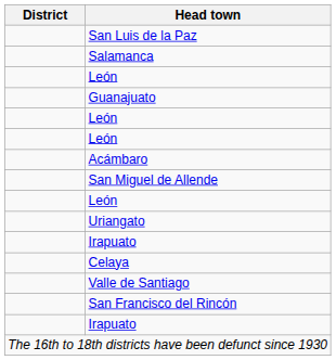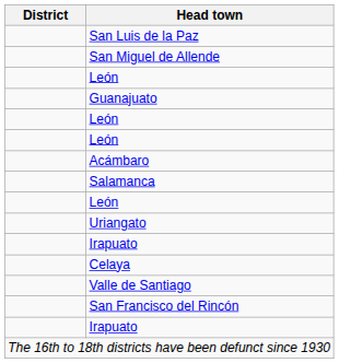 <table class="wikitable" border="1">
 <tr style="background:#efefef;">
 <th><strong>District</strong></th>
 <th><strong>Head town</strong></th>
 </tr>
 <tr>
 <td></td>
 <td><a href='#'>San Luis de la Paz</a></td>
 </tr>
 <tr>
 <td></td>
-<td><a href='#'>Salamanca</a></td>
+<td><a href='#'>San Miguel de Allende</a></td>
 </tr>
 <tr>
 <td></td>
 <td><a href='#'>León</a></td>
 </tr>
 <tr>
 <td></td>
 <td><a href='#'>Guanajuato</a></td>
 </tr>
 <tr>
 <td></td>
 <td><a href='#'>León</a></td>
 </tr>
 <tr>
 <td></td>
 <td><a href='#'>León</a></td>
 </tr>
 <tr>
 <td></td>
 <td><a href='#'>Acámbaro</a></td>
 </tr>
 <tr>
 <td></td>
-<td><a href='#'>San Miguel de Allende</a></td>
+<td><a href='#'>Salamanca</a></td>
 </tr>
 <tr>
 <td></td>
 <td><a href='#'>León</a></td>
 </tr>
 <tr>
 <td></td>
 <td><a href='#'>Uriangato</a></td>
 </tr>
 <tr>
 <td></td>
 <td><a href='#'>Irapuato</a></td>
 </tr>
 <tr>
 <td></td>
 <td><a href='#'>Celaya</a></td>
 </tr>
 <tr>
 <td></td>
 <td><a href='#'>Valle de Santiago</a></td>
 </tr>
 <tr>
 <td></td>
 <td><a href='#'>San Francisco del Rincón</a></td>
 </tr>
 <tr>
 <td></td>
 <td><a href='#'>Irapuato</a></td>
 </tr>
 <tr>
 <td colspan=2><em>The 16th to 18th districts have been defunct since 1930</em></td>
 </tr>
 </table>
